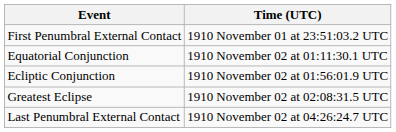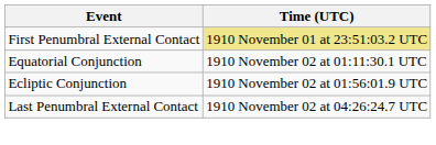 <table class="wikitable">
 <tr>
 <th>Event</th>
 <th>Time (UTC)</th>
 </tr>
 <tr>
 <td>First Penumbral External Contact</td>
-<td>1910 November 01 at 23:51:03.2 UTC</td>
+<td style="background: khaki;">1910 November 01 at 23:51:03.2 UTC</td>
 </tr>
 <tr>
 <td>Equatorial Conjunction</td>
 <td>1910 November 02 at 01:11:30.1 UTC</td>
 </tr>
 <tr>
 <td>Ecliptic Conjunction</td>
 <td>1910 November 02 at 01:56:01.9 UTC</td>
 </tr>
 <tr>
-<td>Greatest Eclipse</td>
-<td>1910 November 02 at 02:08:31.5 UTC</td>
-</tr>
-<tr>
 <td>Last Penumbral External Contact</td>
 <td>1910 November 02 at 04:26:24.7 UTC</td>
 </tr>
 </table>
